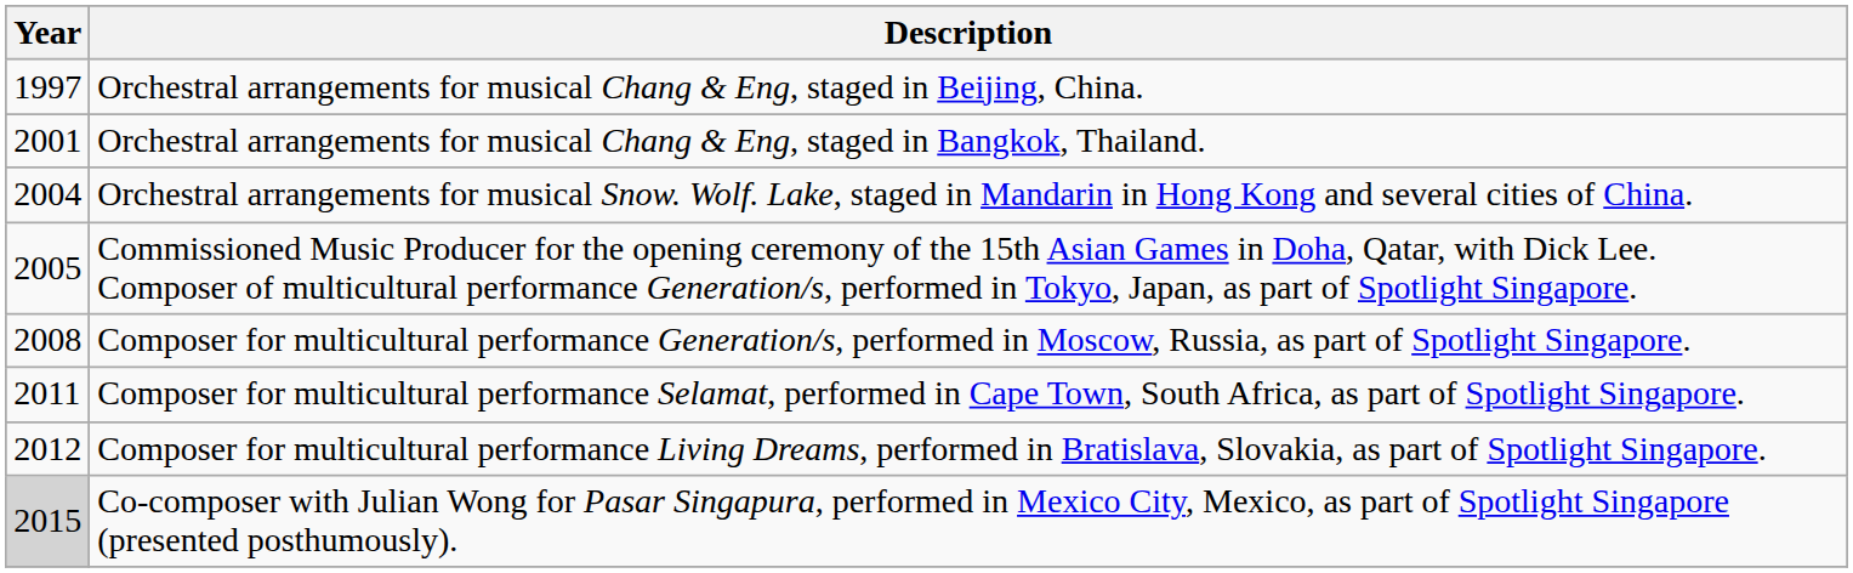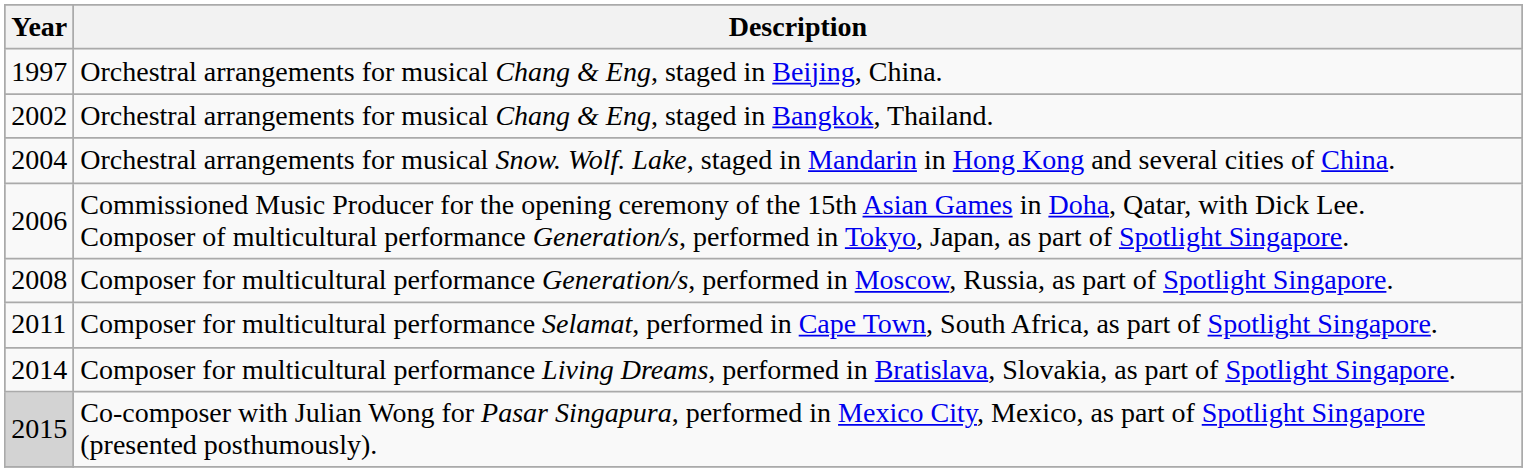 <table class="wikitable">
 <tr>
 <th>Year</th>
 <th>Description</th>
 </tr>
 <tr>
 <td>1997</td>
 <td>Orchestral arrangements for musical <em>Chang & Eng</em>, staged in <a href='#'>Beijing</a>, China.</td>
 </tr>
 <tr>
-<td>2001</td>
+<td>2002</td>
 <td>Orchestral arrangements for musical <em>Chang & Eng</em>, staged in <a href='#'>Bangkok</a>, Thailand.</td>
 </tr>
 <tr>
 <td>2004</td>
 <td>Orchestral arrangements for musical <em>Snow. Wolf. Lake</em>, staged in <a href='#'>Mandarin</a> in <a href='#'>Hong Kong</a> and several cities of <a href='#'>China</a>.</td>
 </tr>
 <tr>
-<td>2005</td>
+<td>2006</td>
 <td>Commissioned Music Producer for the opening ceremony of the 15th <a href='#'>Asian Games</a> in <a href='#'>Doha</a>, Qatar, with Dick Lee.<br>Composer of multicultural performance <em>Generation/s</em>, performed in <a href='#'>Tokyo</a>, Japan, as part of <a href='#'>Spotlight Singapore</a>.</td>
 </tr>
 <tr>
 <td>2008</td>
 <td>Composer for multicultural performance <em>Generation/s</em>, performed in <a href='#'>Moscow</a>, Russia, as part of <a href='#'>Spotlight Singapore</a>.</td>
 </tr>
 <tr>
 <td>2011</td>
 <td>Composer for multicultural performance <em>Selamat</em>, performed in <a href='#'>Cape Town</a>, South Africa, as part of <a href='#'>Spotlight Singapore</a>.</td>
 </tr>
 <tr>
-<td>2012</td>
+<td>2014</td>
 <td>Composer for multicultural performance <em>Living Dreams</em>, performed in <a href='#'>Bratislava</a>, Slovakia, as part of <a href='#'>Spotlight Singapore</a>.</td>
 </tr>
 <tr>
 <td style="background: lightgrey;">2015</td>
 <td>Co-composer with Julian Wong for <em>Pasar Singapura</em>, performed in <a href='#'>Mexico City</a>, Mexico, as part of <a href='#'>Spotlight Singapore</a> (presented posthumously).</td>
 </tr>
 </table>
